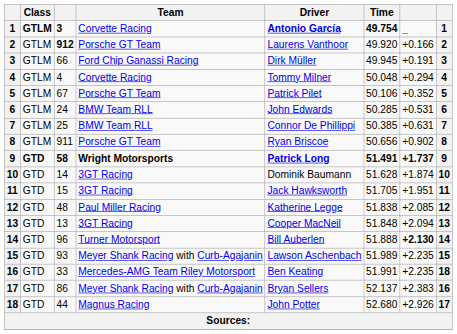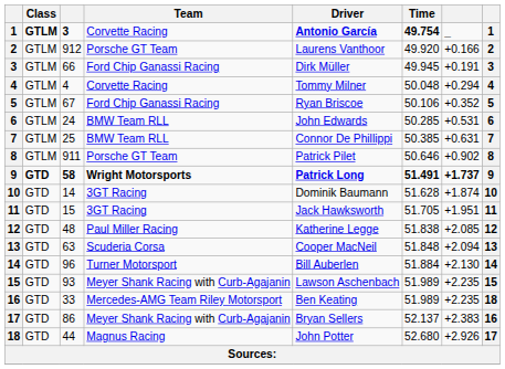 <table class="wikitable">
 <tr>
 <th scope="col"></th>
 <th scope="col">Class</th>
 <th scope="col"></th>
 <th scope="col">Team</th>
 <th scope="col">Driver</th>
 <th scope="col">Time</th>
 <th scope="col"></th>
 <th scope="col"></th>
 </tr>
 <tr>
 <th>1</th>
 <td><strong>GTLM</strong></td>
 <td><strong>3</strong></td>
 <td> <a href='#'>Corvette Racing</a></td>
 <td><strong> <a href='#'>Antonio García</a></strong></td>
 <td><strong>49.754</strong></td>
 <td><strong>_</strong></td>
 <th>1</th>
 </tr>
 <tr>
 <th>2</th>
 <td>GTLM</td>
-<td><strong>912</strong></td>
+<td>912</td>
 <td> <a href='#'>Porsche GT Team</a></td>
 <td> <a href='#'>Laurens Vanthoor</a></td>
 <td>49.920</td>
 <td>+0.166</td>
 <th>2</th>
 </tr>
 <tr>
 <th>3</th>
 <td>GTLM</td>
 <td>66</td>
 <td> <a href='#'>Ford Chip Ganassi Racing</a></td>
 <td> <a href='#'>Dirk Müller</a></td>
 <td>49.945</td>
 <td>+0.191</td>
 <th>3</th>
 </tr>
 <tr>
 <th>4</th>
 <td>GTLM</td>
 <td>4</td>
 <td> <a href='#'>Corvette Racing</a></td>
 <td> <a href='#'>Tommy Milner</a></td>
 <td>50.048</td>
 <td>+0.294</td>
 <th>4</th>
 </tr>
 <tr>
 <th>5</th>
 <td>GTLM</td>
 <td>67</td>
-<td> <a href='#'>Porsche GT Team</a></td>
-<td> <a href='#'>Patrick Pilet</a></td>
+<td> <a href='#'>Ford Chip Ganassi Racing</a></td>
+<td> <a href='#'>Ryan Briscoe</a></td>
 <td>50.106</td>
 <td>+0.352</td>
 <th>5</th>
 </tr>
 <tr>
 <th>6</th>
 <td>GTLM</td>
 <td>24</td>
 <td> <a href='#'>BMW Team RLL</a></td>
 <td> <a href='#'>John Edwards</a></td>
 <td>50.285</td>
 <td>+0.531</td>
 <th>6</th>
 </tr>
 <tr>
 <th>7</th>
 <td>GTLM</td>
 <td>25</td>
 <td> <a href='#'>BMW Team RLL</a></td>
 <td> <a href='#'>Connor De Phillippi</a></td>
 <td>50.385</td>
 <td>+0.631</td>
 <th>7</th>
 </tr>
 <tr>
 <th>8</th>
 <td>GTLM</td>
 <td>911</td>
 <td> <a href='#'>Porsche GT Team</a></td>
-<td> <a href='#'>Ryan Briscoe</a></td>
-<td>50.656</td>
+<td> <a href='#'>Patrick Pilet</a></td>
+<td>50.646</td>
 <td>+0.902</td>
 <th>8</th>
 </tr>
 <tr>
 <th>9</th>
 <td><strong>GTD</strong></td>
 <td><strong>58</strong></td>
 <td><strong> Wright Motorsports</strong></td>
 <td><strong> <a href='#'>Patrick Long</a></strong></td>
 <td><strong>51.491</strong></td>
 <td><strong>+1.737</strong></td>
 <th>9</th>
 </tr>
 <tr>
 <th>10</th>
 <td>GTD</td>
 <td>14</td>
 <td> <a href='#'>3GT Racing</a></td>
 <td> Dominik Baumann</td>
 <td>51.628</td>
 <td>+1.874</td>
 <th>10</th>
 </tr>
 <tr>
 <th>11</th>
 <td>GTD</td>
 <td>15</td>
 <td> <a href='#'>3GT Racing</a></td>
 <td> <a href='#'>Jack Hawksworth</a></td>
 <td>51.705</td>
 <td>+1.951</td>
 <th>11</th>
 </tr>
 <tr>
 <th>12</th>
 <td>GTD</td>
 <td>48</td>
 <td> <a href='#'>Paul Miller Racing</a></td>
 <td> <a href='#'>Katherine Legge</a></td>
 <td>51.838</td>
 <td>+2.085</td>
 <th>12</th>
 </tr>
 <tr>
 <th>13</th>
 <td>GTD</td>
-<td>13</td>
-<td> <a href='#'>3GT Racing</a></td>
+<td>63</td>
+<td> <a href='#'>Scuderia Corsa</a></td>
 <td> <a href='#'>Cooper MacNeil</a></td>
 <td>51.848</td>
 <td>+2.094</td>
 <th>13</th>
 </tr>
 <tr>
 <th>14</th>
 <td>GTD</td>
 <td>96</td>
 <td> <a href='#'>Turner Motorsport</a></td>
 <td> <a href='#'>Bill Auberlen</a></td>
-<td>51.888</td>
-<td><strong>+2.130</strong></td>
+<td>51.884</td>
+<td>+2.130</td>
 <th>14</th>
 </tr>
 <tr>
 <th>15</th>
 <td>GTD</td>
 <td>93</td>
 <td> <a href='#'>Meyer Shank Racing</a> with <a href='#'>Curb-Agajanin</a></td>
 <td> <a href='#'>Lawson Aschenbach</a></td>
 <td>51.989</td>
 <td>+2.235</td>
 <th>15</th>
 </tr>
 <tr>
 <th>16</th>
 <td>GTD</td>
 <td>33</td>
 <td> <a href='#'>Mercedes-AMG Team Riley Motorsport</a></td>
 <td> <a href='#'>Ben Keating</a></td>
-<td>51.991</td>
+<td>51.989</td>
 <td>+2.235</td>
 <th>18</th>
 </tr>
 <tr>
 <th>17</th>
 <td>GTD</td>
 <td>86</td>
 <td> <a href='#'>Meyer Shank Racing</a> with <a href='#'>Curb-Agajanin</a></td>
 <td> <a href='#'>Bryan Sellers</a></td>
 <td>52.137</td>
 <td>+2.383</td>
 <th>16</th>
 </tr>
 <tr>
 <th>18</th>
 <td>GTD</td>
 <td>44</td>
 <td> <a href='#'>Magnus Racing</a></td>
 <td> <a href='#'>John Potter</a></td>
 <td>52.680</td>
 <td>+2.926</td>
 <th>17</th>
 </tr>
 <tr>
 <th colspan="8">Sources:</th>
 </tr>
 <tr>
 </tr>
 </table>
